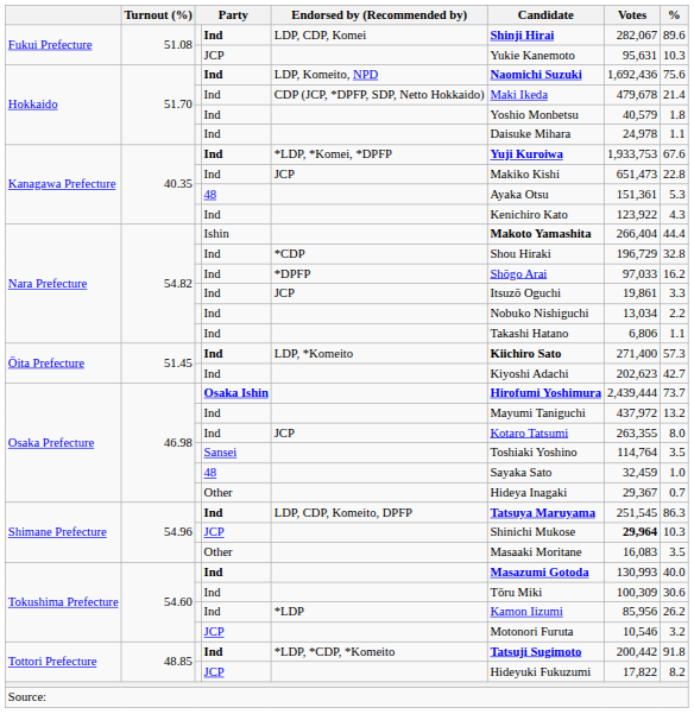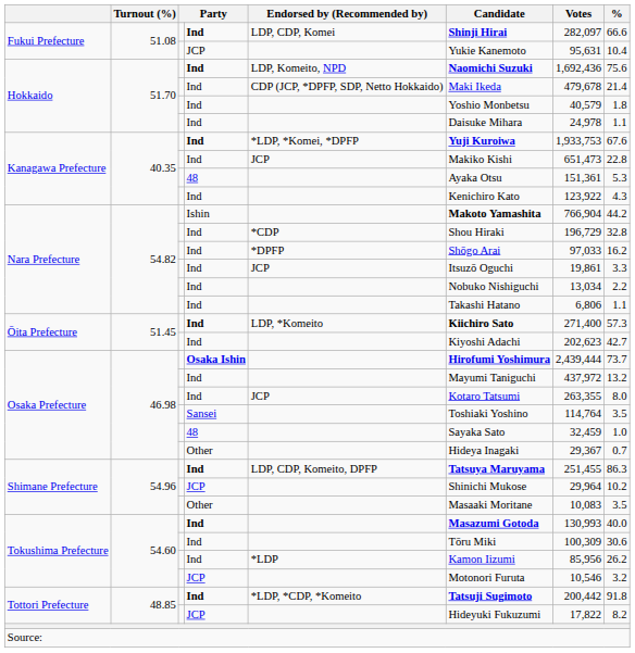 <table class="wikitable">
 <tr>
 <th></th>
 <th>Turnout (%)</th>
 <th colspan="2">Party</th>
 <th>Endorsed by (Recommended by)</th>
 <th>Candidate</th>
 <th>Votes</th>
 <th>%</th>
 </tr>
 <tr>
 <td rowspan="2"><a href='#'>Fukui Prefecture</a></td>
 <td rowspan="2" align="right">51.08</td>
 <td></td>
 <td><strong>Ind</strong></td>
 <td>LDP, CDP, Komei</td>
 <td><strong><a href='#'>Shinji Hirai</a></strong></td>
-<td align="right">282,067</td>
-<td align="right">89.6</td>
+<td align="right">282,097</td>
+<td align="right">66.6</td>
 </tr>
 <tr>
 <td></td>
 <td>JCP</td>
 <td></td>
 <td>Yukie Kanemoto</td>
 <td align="right">95,631</td>
-<td align="right">10.3</td>
+<td align="right">10.4</td>
 </tr>
 <tr>
 <td rowspan="4"><a href='#'>Hokkaido</a></td>
 <td rowspan="4" align="right">51.70</td>
 <td></td>
 <td><strong>Ind</strong></td>
 <td>LDP, Komeito, <a href='#'>NPD</a></td>
 <td><strong><a href='#'>Naomichi Suzuki</a></strong></td>
 <td align="right">1,692,436</td>
 <td align="right">75.6</td>
 </tr>
 <tr>
 <td></td>
 <td>Ind</td>
 <td>CDP (JCP, *DPFP, SDP, Netto Hokkaido)</td>
 <td><a href='#'>Maki Ikeda</a></td>
 <td align="right">479,678</td>
 <td align="right">21.4</td>
 </tr>
 <tr>
 <td></td>
 <td>Ind</td>
 <td></td>
 <td>Yoshio Monbetsu</td>
 <td align="right">40,579</td>
 <td align="right">1.8</td>
 </tr>
 <tr>
 <td></td>
 <td>Ind</td>
 <td></td>
 <td>Daisuke Mihara</td>
 <td align="right">24,978</td>
 <td align="right">1.1</td>
 </tr>
 <tr>
 <td rowspan="4"><a href='#'>Kanagawa Prefecture</a></td>
 <td rowspan="4" align="right">40.35</td>
 <td></td>
 <td><strong>Ind</strong></td>
 <td>*LDP, *Komei, *DPFP</td>
 <td><strong><a href='#'>Yuji Kuroiwa</a></strong></td>
 <td align="right">1,933,753</td>
 <td align="right">67.6</td>
 </tr>
 <tr>
 <td></td>
 <td>Ind</td>
 <td>JCP</td>
 <td>Makiko Kishi</td>
 <td align="right">651,473</td>
 <td align="right">22.8</td>
 </tr>
 <tr>
 <td></td>
 <td><a href='#'>48</a></td>
 <td></td>
 <td>Ayaka Otsu</td>
 <td align="right">151,361</td>
 <td align="right">5.3</td>
 </tr>
 <tr>
 <td></td>
 <td>Ind</td>
 <td></td>
 <td>Kenichiro Kato</td>
 <td align="right">123,922</td>
 <td align="right">4.3</td>
 </tr>
 <tr>
 <td rowspan="6"><a href='#'>Nara Prefecture</a></td>
 <td rowspan="6" align="right">54.82</td>
 <td></td>
 <td>Ishin</td>
 <td></td>
 <td><strong>Makoto Yamashita</strong></td>
-<td align="right">266,404</td>
-<td align="right">44.4</td>
+<td align="right">766,904</td>
+<td align="right">44.2</td>
 </tr>
 <tr>
 <td></td>
 <td>Ind</td>
 <td>*CDP</td>
 <td>Shou Hiraki</td>
 <td align="right">196,729</td>
 <td align="right">32.8</td>
 </tr>
 <tr>
 <td></td>
 <td>Ind</td>
 <td>*DPFP</td>
 <td><a href='#'>Shōgo Arai</a></td>
 <td align="right">97,033</td>
 <td align="right">16.2</td>
 </tr>
 <tr>
 <td></td>
 <td>Ind</td>
 <td>JCP</td>
 <td>Itsuzō Oguchi</td>
 <td align="right">19,861</td>
 <td align="right">3.3</td>
 </tr>
 <tr>
 <td></td>
 <td>Ind</td>
 <td></td>
 <td>Nobuko Nishiguchi</td>
 <td align="right">13,034</td>
 <td align="right">2.2</td>
 </tr>
 <tr>
 <td></td>
 <td>Ind</td>
 <td></td>
 <td>Takashi Hatano</td>
 <td align="right">6,806</td>
 <td align="right">1.1</td>
 </tr>
 <tr>
 <td rowspan="2"><a href='#'>Ōita Prefecture</a></td>
 <td rowspan="2" align="right">51.45</td>
 <td></td>
 <td><strong>Ind</strong></td>
 <td>LDP, *Komeito</td>
 <td><strong>Kiichiro Sato</strong></td>
 <td align="right">271,400</td>
 <td align="right">57.3</td>
 </tr>
 <tr>
 <td></td>
 <td>Ind</td>
 <td></td>
 <td>Kiyoshi Adachi</td>
 <td align="right">202,623</td>
 <td align="right">42.7</td>
 </tr>
 <tr>
 <td rowspan="6"><a href='#'>Osaka Prefecture</a></td>
 <td rowspan="6" align="right">46.98</td>
 <td></td>
 <td><strong><a href='#'>Osaka Ishin</a></strong></td>
 <td></td>
 <td><strong><a href='#'>Hirofumi Yoshimura</a></strong></td>
 <td align="right">2,439,444</td>
 <td align="right">73.7</td>
 </tr>
 <tr>
 <td></td>
 <td>Ind</td>
 <td></td>
 <td>Mayumi Taniguchi</td>
 <td align="right">437,972</td>
 <td align="right">13.2</td>
 </tr>
 <tr>
 <td></td>
 <td>Ind</td>
 <td>JCP</td>
 <td><a href='#'>Kotaro Tatsumi</a></td>
 <td align="right">263,355</td>
 <td align="right">8.0</td>
 </tr>
 <tr>
 <td></td>
 <td><a href='#'>Sansei</a></td>
 <td></td>
 <td>Toshiaki Yoshino</td>
 <td align="right">114,764</td>
 <td align="right">3.5</td>
 </tr>
 <tr>
 <td></td>
 <td><a href='#'>48</a></td>
 <td></td>
 <td>Sayaka Sato</td>
 <td align="right">32,459</td>
 <td align="right">1.0</td>
 </tr>
 <tr>
 <td></td>
 <td>Other</td>
 <td></td>
 <td>Hideya Inagaki</td>
 <td align="right">29,367</td>
 <td align="right">0.7</td>
 </tr>
 <tr>
 <td rowspan="3"><a href='#'>Shimane Prefecture</a></td>
 <td rowspan="3" align="right">54.96</td>
 <td></td>
 <td><strong>Ind</strong></td>
 <td>LDP, CDP, Komeito, DPFP</td>
 <td><strong><a href='#'>Tatsuya Maruyama</a></strong></td>
-<td align="right">251,545</td>
+<td align="right">251,455</td>
 <td align="right">86.3</td>
 </tr>
 <tr>
 <td></td>
 <td><a href='#'>JCP</a></td>
 <td></td>
 <td>Shinichi Mukose</td>
-<td align="right"><strong>29,964</strong></td>
-<td align="right">10.3</td>
+<td align="right">29,964</td>
+<td align="right">10.2</td>
 </tr>
 <tr>
 <td></td>
 <td>Other</td>
 <td></td>
 <td>Masaaki Moritane</td>
-<td align="right">16,083</td>
+<td align="right">10,083</td>
 <td align="right">3.5</td>
 </tr>
 <tr>
 <td rowspan="4"><a href='#'>Tokushima Prefecture</a></td>
 <td rowspan="4" align="right">54.60</td>
 <td></td>
 <td><strong>Ind</strong></td>
 <td></td>
 <td><strong><a href='#'>Masazumi Gotoda</a></strong></td>
 <td align="right">130,993</td>
 <td align="right">40.0</td>
 </tr>
 <tr>
 <td></td>
 <td>Ind</td>
 <td></td>
 <td>Tōru Miki</td>
 <td align="right">100,309</td>
 <td align="right">30.6</td>
 </tr>
 <tr>
 <td></td>
 <td>Ind</td>
 <td>*LDP</td>
 <td><a href='#'>Kamon Iizumi</a></td>
 <td align="right">85,956</td>
 <td align="right">26.2</td>
 </tr>
 <tr>
 <td></td>
 <td><a href='#'>JCP</a></td>
 <td></td>
 <td>Motonori Furuta</td>
 <td align="right">10,546</td>
 <td align="right">3.2</td>
 </tr>
 <tr>
 <td rowspan="2"><a href='#'>Tottori Prefecture</a></td>
 <td rowspan="2" align="right">48.85</td>
 <td></td>
 <td><strong>Ind</strong></td>
 <td>*LDP, *CDP, *Komeito</td>
 <td><strong><a href='#'>Tatsuji Sugimoto</a></strong></td>
 <td align="right">200,442</td>
 <td align="right">91.8</td>
 </tr>
 <tr>
 <td></td>
 <td><a href='#'>JCP</a></td>
 <td></td>
 <td>Hideyuki Fukuzumi</td>
 <td align="right">17,822</td>
 <td align="right">8.2</td>
 </tr>
 <tr>
 <th colspan="8"></th>
 </tr>
 <tr>
 <td colspan="8">Source: </td>
 </tr>
 </table>
